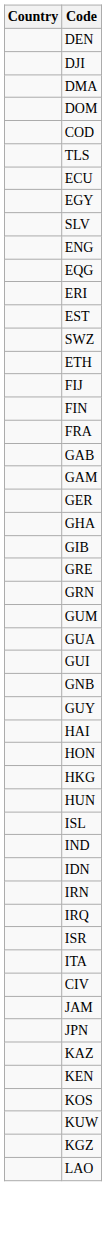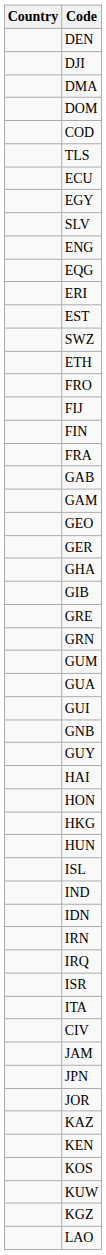 <table class="wikitable" style="font-size:90%; display:inline-table;">
 <tr>
 <th>Country</th>
 <th>Code</th>
 </tr>
 <tr>
 <td></td>
 <td>DEN</td>
 </tr>
 <tr>
 <td></td>
 <td>DJI</td>
 </tr>
 <tr>
 <td></td>
 <td>DMA</td>
 </tr>
 <tr>
 <td></td>
 <td>DOM</td>
 </tr>
 <tr>
 <td></td>
 <td>COD</td>
 </tr>
 <tr>
 <td></td>
 <td>TLS</td>
 </tr>
 <tr>
 <td></td>
 <td>ECU</td>
 </tr>
 <tr>
 <td></td>
 <td>EGY</td>
 </tr>
 <tr>
 <td></td>
 <td>SLV</td>
 </tr>
 <tr>
 <td></td>
 <td>ENG</td>
 </tr>
 <tr>
 <td></td>
 <td>EQG</td>
 </tr>
 <tr>
 <td></td>
 <td>ERI</td>
 </tr>
 <tr>
 <td></td>
 <td>EST</td>
 </tr>
 <tr>
 <td></td>
 <td>SWZ</td>
 </tr>
 <tr>
 <td></td>
 <td>ETH</td>
 </tr>
 <tr>
 <td></td>
+<td>FRO</td>
+</tr>
+<tr>
+<td></td>
 <td>FIJ</td>
 </tr>
 <tr>
 <td></td>
 <td>FIN</td>
 </tr>
 <tr>
 <td></td>
 <td>FRA</td>
 </tr>
 <tr>
 <td></td>
 <td>GAB</td>
 </tr>
 <tr>
 <td></td>
 <td>GAM</td>
+</tr>
+<tr>
+<td></td>
+<td>GEO</td>
 </tr>
 <tr>
 <td></td>
 <td>GER</td>
 </tr>
 <tr>
 <td></td>
 <td>GHA</td>
 </tr>
 <tr>
 <td></td>
 <td>GIB</td>
 </tr>
 <tr>
 <td></td>
 <td>GRE</td>
 </tr>
 <tr>
 <td></td>
 <td>GRN</td>
 </tr>
 <tr>
 <td></td>
 <td>GUM</td>
 </tr>
 <tr>
 <td></td>
 <td>GUA</td>
 </tr>
 <tr>
 <td></td>
 <td>GUI</td>
 </tr>
 <tr>
 <td></td>
 <td>GNB</td>
 </tr>
 <tr>
 <td></td>
 <td>GUY</td>
 </tr>
 <tr>
 <td></td>
 <td>HAI</td>
 </tr>
 <tr>
 <td></td>
 <td>HON</td>
 </tr>
 <tr>
 <td></td>
 <td>HKG</td>
 </tr>
 <tr>
 <td></td>
 <td>HUN</td>
 </tr>
 <tr>
 <td></td>
 <td>ISL</td>
 </tr>
 <tr>
 <td></td>
 <td>IND</td>
 </tr>
 <tr>
 <td></td>
 <td>IDN</td>
 </tr>
 <tr>
 <td></td>
 <td>IRN</td>
 </tr>
 <tr>
 <td></td>
 <td>IRQ</td>
 </tr>
 <tr>
 <td></td>
 <td>ISR</td>
 </tr>
 <tr>
 <td></td>
 <td>ITA</td>
 </tr>
 <tr>
 <td></td>
 <td>CIV</td>
 </tr>
 <tr>
 <td></td>
 <td>JAM</td>
 </tr>
 <tr>
 <td></td>
 <td>JPN</td>
 </tr>
 <tr>
 <td></td>
+<td>JOR</td>
+</tr>
+<tr>
+<td></td>
 <td>KAZ</td>
 </tr>
 <tr>
 <td></td>
 <td>KEN</td>
 </tr>
 <tr>
 <td></td>
 <td>KOS</td>
 </tr>
 <tr>
 <td></td>
 <td>KUW</td>
 </tr>
 <tr>
 <td></td>
 <td>KGZ</td>
 </tr>
 <tr>
 <td></td>
 <td>LAO</td>
 </tr>
 </table>
